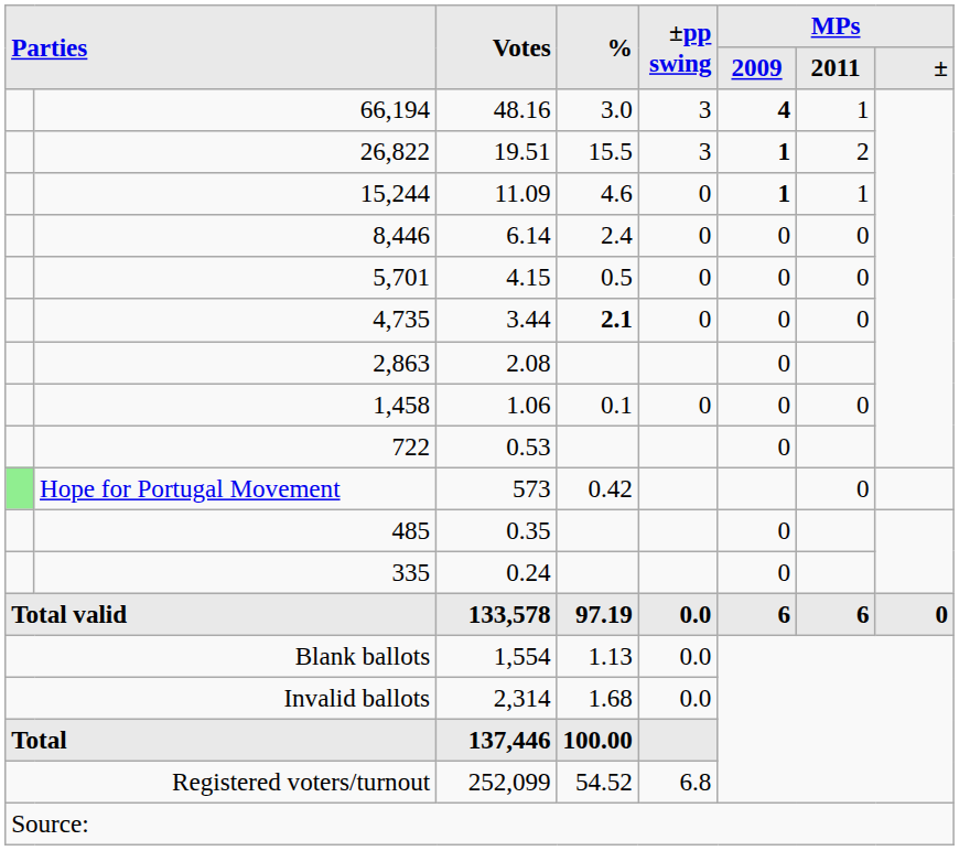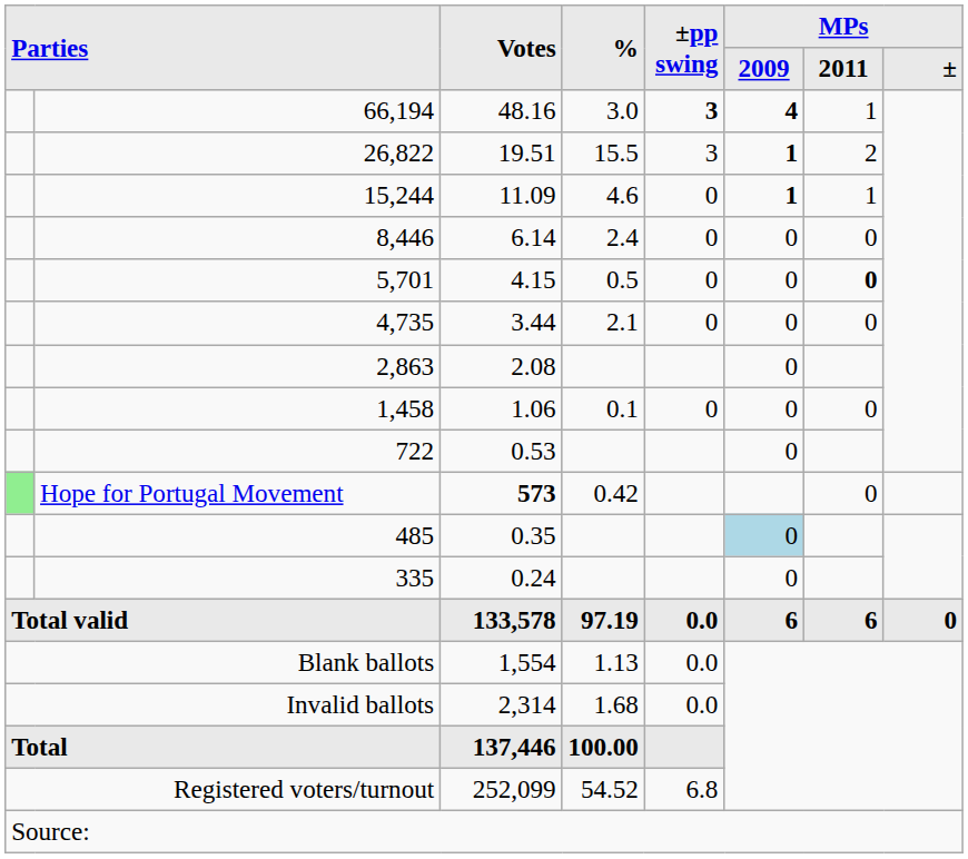 <table class="wikitable" style="text-align:right; font-size:95%;">
 <tr>
 <th rowspan="2" colspan="2" style="background:#e9e9e9; text-align:left;" alignleft><a href='#'>Parties</a></th>
 <th rowspan="2" style="background:#e9e9e9; text-align:right;">Votes</th>
 <th rowspan="2" style="background:#e9e9e9; text-align:right;">%</th>
 <th rowspan="2" style="background:#e9e9e9; text-align:right;">±<a href='#'>pp</a> <a href='#'>swing</a></th>
 <th colspan="3" style="background:#e9e9e9; text-align:center;"><a href='#'>MPs</a></th>
 </tr>
 <tr style="background-color:#E9E9E9">
 <th style="background-color:#E9E9E9;text-align:center;"><a href='#'>2009</a></th>
 <th style="background-color:#E9E9E9;text-align:center;">2011</th>
 <th style="background:#e9e9e9; text-align:right;">±</th>
 </tr>
 <tr>
 <td></td>
 <td>66,194</td>
 <td>48.16</td>
 <td>3.0</td>
-<td>3</td>
+<td><strong>3</strong></td>
 <td><strong>4</strong></td>
 <td>1</td>
 </tr>
 <tr>
 <td></td>
 <td>26,822</td>
 <td>19.51</td>
 <td>15.5</td>
 <td>3</td>
 <td><strong>1</strong></td>
 <td>2</td>
 </tr>
 <tr>
 <td></td>
 <td>15,244</td>
 <td>11.09</td>
 <td>4.6</td>
 <td>0</td>
 <td><strong>1</strong></td>
 <td>1</td>
 </tr>
 <tr>
 <td></td>
 <td>8,446</td>
 <td>6.14</td>
 <td>2.4</td>
 <td>0</td>
 <td>0</td>
 <td>0</td>
 </tr>
 <tr>
 <td></td>
 <td>5,701</td>
 <td>4.15</td>
 <td>0.5</td>
 <td>0</td>
 <td>0</td>
-<td>0</td>
+<td><strong>0</strong></td>
 </tr>
 <tr>
 <td></td>
 <td>4,735</td>
 <td>3.44</td>
-<td><strong>2.1</strong></td>
+<td>2.1</td>
 <td>0</td>
 <td>0</td>
 <td>0</td>
 </tr>
 <tr>
 <td></td>
 <td>2,863</td>
 <td>2.08</td>
 <td></td>
 <td></td>
 <td>0</td>
 <td></td>
 </tr>
 <tr>
 <td></td>
 <td>1,458</td>
 <td>1.06</td>
 <td>0.1</td>
 <td>0</td>
 <td>0</td>
 <td>0</td>
 </tr>
 <tr>
 <td></td>
 <td>722</td>
 <td>0.53</td>
 <td></td>
 <td></td>
 <td>0</td>
 <td></td>
 </tr>
 <tr>
 <td style="width: 10px" bgcolor=#90ee90 align="center"></td>
 <td align=left><a href='#'>Hope for Portugal Movement</a></td>
-<td>573</td>
+<td><strong>573</strong></td>
 <td>0.42</td>
 <td></td>
 <td></td>
 <td>0</td>
 <td></td>
 </tr>
 <tr>
 <td></td>
 <td>485</td>
 <td>0.35</td>
 <td></td>
 <td></td>
-<td>0</td>
+<td style="background: lightblue;">0</td>
 <td></td>
 </tr>
 <tr>
 <td></td>
 <td>335</td>
 <td>0.24</td>
 <td></td>
 <td></td>
 <td>0</td>
 <td></td>
 </tr>
 <tr>
 <td colspan=2 width="250" style="text-align:left;background-color:#E9E9E9"><strong>Total valid</strong></td>
 <td width="65" align="right" style="background-color:#E9E9E9"><strong>133,578</strong></td>
 <td width="40" align="right" style="background-color:#E9E9E9"><strong>97.19</strong></td>
 <td width="40" align="right" style="background-color:#E9E9E9"><strong>0.0</strong></td>
 <td width="40" align="right" style="background-color:#E9E9E9"><strong>6</strong></td>
 <td width="40" align="right" style="background-color:#E9E9E9"><strong>6</strong></td>
 <td width="40" align="right" style="background-color:#E9E9E9"><strong>0</strong></td>
 </tr>
 <tr>
 <td colspan=2>Blank ballots</td>
 <td>1,554</td>
 <td>1.13</td>
 <td>0.0</td>
 <td colspan=4 rowspan=4></td>
 </tr>
 <tr>
 <td colspan=2>Invalid ballots</td>
 <td>2,314</td>
 <td>1.68</td>
 <td>0.0</td>
 </tr>
 <tr>
 <td colspan=2 align=left style="background-color:#E9E9E9"><strong>Total</strong></td>
 <td width="50" align="right" style="background-color:#E9E9E9"><strong>137,446</strong></td>
 <td width="40" align="right" style="background-color:#E9E9E9"><strong>100.00</strong></td>
 <td width="40" align="right" style="background-color:#E9E9E9"></td>
 </tr>
 <tr>
 <td colspan=2>Registered voters/turnout</td>
 <td>252,099</td>
 <td>54.52</td>
 <td>6.8</td>
 </tr>
 <tr>
 <td colspan=11 align=left>Source: </td>
 </tr>
 </table>
